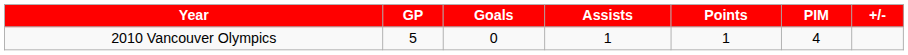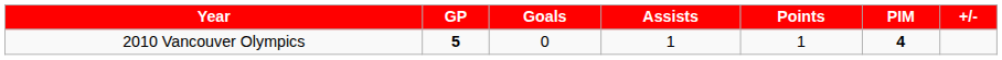 <table class="wikitable" width="80%">
 <tr align="center"  style="background:red;color:#FFFFFF;">
 <td><strong>Year</strong></td>
 <td><strong>GP</strong></td>
 <td><strong>Goals</strong></td>
 <td><strong>Assists</strong></td>
 <td><strong>Points</strong></td>
 <td><strong>PIM</strong></td>
 <td><strong>+/-</strong></td>
 </tr>
 <tr align="center" bgcolor="">
 <td>2010 Vancouver Olympics</td>
-<td>5</td>
+<td><strong>5</strong></td>
 <td>0</td>
 <td>1</td>
 <td>1</td>
-<td>4</td>
+<td><strong>4</strong></td>
 </tr>
 </table>
